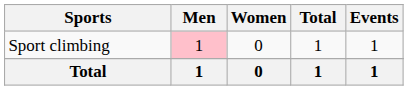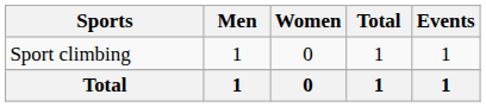 <table class="wikitable sortable" style="text-align:center;">
 <tr>
 <th width=150>Sports</th>
 <th width=45>Men</th>
 <th width=45>Women</th>
 <th width=45>Total</th>
 <th width=45>Events</th>
 </tr>
 <tr>
 <td align=left>Sport climbing</td>
-<td style="background: pink;">1</td>
+<td>1</td>
 <td>0</td>
 <td>1</td>
 <td>1</td>
 </tr>
 <tr>
 </tr>
 <tr class="sortbottom">
 <th>Total</th>
 <th>1</th>
 <th>0</th>
 <th>1</th>
 <th>1</th>
 </tr>
 </table>
